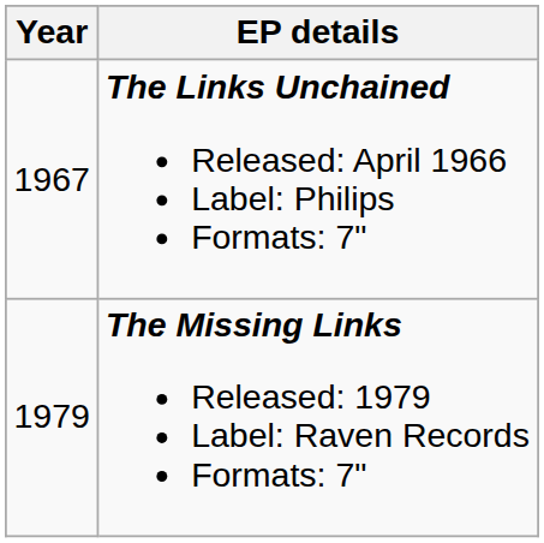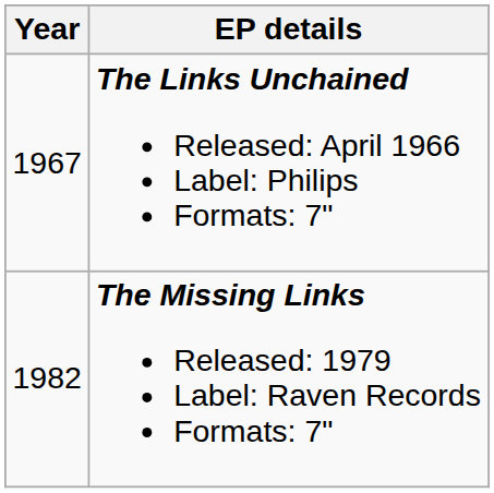 <table class="wikitable">
 <tr>
 <th>Year</th>
 <th>EP details</th>
 </tr>
 <tr>
 <td>1967</td>
 <td><strong><em>The Links Unchained</em></strong><br><ul><li>Released: April 1966</li><li>Label: Philips </li><li>Formats: 7"</li></ul></td>
 </tr>
 <tr>
-<td>1979</td>
+<td>1982</td>
 <td><strong><em>The Missing Links</em></strong><br><ul><li>Released: 1979</li><li>Label: Raven Records </li><li>Formats: 7"</li></ul></td>
 </tr>
 </table>
